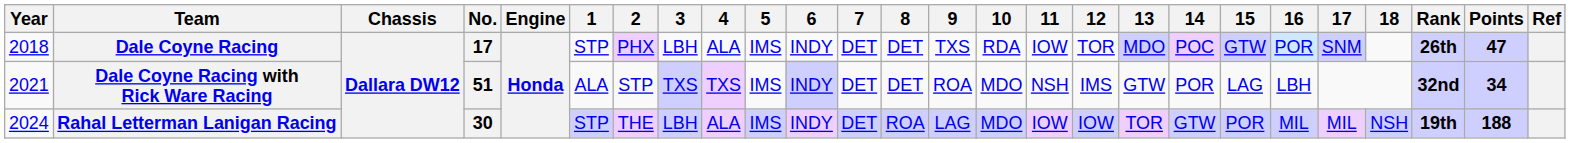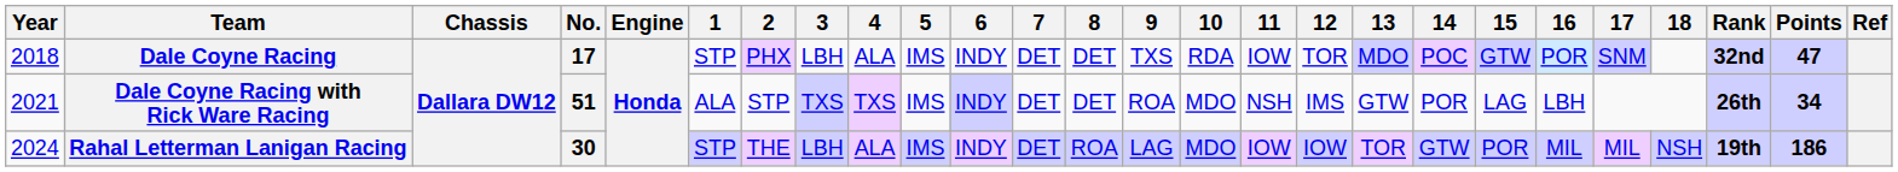 <table class="wikitable" style="text-align:center; font-size:85%">
 <tr>
 <th>Year</th>
 <th>Team</th>
 <th>Chassis</th>
 <th>No.</th>
 <th>Engine</th>
 <th>1</th>
 <th>2</th>
 <th>3</th>
 <th>4</th>
 <th>5</th>
 <th>6</th>
 <th>7</th>
 <th>8</th>
 <th>9</th>
 <th>10</th>
 <th>11</th>
 <th>12</th>
 <th>13</th>
 <th>14</th>
 <th>15</th>
 <th>16</th>
 <th>17</th>
 <th>18</th>
 <th>Rank</th>
 <th>Points</th>
 <th>Ref</th>
 </tr>
 <tr>
 <td><a href='#'>2018</a></td>
 <th nowrap><a href='#'>Dale Coyne Racing</a></th>
 <th rowspan="3" nowrap><a href='#'>Dallara DW12</a></th>
 <th>17</th>
 <th rowspan="3"><a href='#'>Honda</a></th>
 <td><a href='#'>STP</a></td>
 <td style="background:#EFCFFF;"><a href='#'>PHX</a><br></td>
 <td><a href='#'>LBH</a></td>
 <td><a href='#'>ALA</a></td>
 <td><a href='#'>IMS</a></td>
 <td><a href='#'>INDY</a></td>
 <td><a href='#'>DET</a></td>
 <td><a href='#'>DET</a></td>
 <td><a href='#'>TXS</a></td>
 <td><a href='#'>RDA</a></td>
 <td><a href='#'>IOW</a></td>
 <td><a href='#'>TOR</a></td>
 <td style="background:#CFCFFF;"><a href='#'>MDO</a><br></td>
 <td style="background:#EFCFFF;"><a href='#'>POC</a><br></td>
 <td style="background:#CFCFFF;"><a href='#'>GTW</a><br></td>
 <td style="background:#CFEAFF;"><a href='#'>POR</a><br></td>
 <td style="background:#CFCFFF;"><a href='#'>SNM</a><br></td>
 <td></td>
-<th style="background:#CFCFFF;">26th</th>
+<th style="background:#CFCFFF;">32nd</th>
 <th style="background:#CFCFFF;">47</th>
 <th></th>
 </tr>
 <tr>
 <td id=2021R><a href='#'>2021</a></td>
 <th nowrap><a href='#'>Dale Coyne Racing</a> with<br><a href='#'>Rick Ware Racing</a></th>
 <th>51</th>
 <td><a href='#'>ALA</a></td>
 <td><a href='#'>STP</a></td>
 <td style="background:#CFCFFF;"><a href='#'>TXS</a><br></td>
 <td style="background:#EFCFFF;"><a href='#'>TXS</a><br></td>
 <td><a href='#'>IMS</a></td>
 <td style="background:#CFCFFF;"><a href='#'>INDY</a><br></td>
 <td><a href='#'>DET</a></td>
 <td><a href='#'>DET</a></td>
 <td><a href='#'>ROA</a></td>
 <td><a href='#'>MDO</a></td>
 <td><a href='#'>NSH</a></td>
 <td><a href='#'>IMS</a></td>
 <td><a href='#'>GTW</a></td>
 <td><a href='#'>POR</a></td>
 <td><a href='#'>LAG</a></td>
 <td><a href='#'>LBH</a></td>
 <td colspan=2></td>
-<th style="background:#CFCFFF;">32nd</th>
+<th style="background:#CFCFFF;">26th</th>
 <th style="background:#CFCFFF;">34</th>
 <th></th>
 </tr>
 <tr>
 <td><a href='#'>2024</a></td>
 <th nowrap><a href='#'>Rahal Letterman Lanigan Racing</a></th>
 <th>30</th>
 <td style="background:#CFCFFF;"><a href='#'>STP</a><br></td>
 <td style="background:#EFCFFF;"><a href='#'>THE</a><br></td>
 <td style="background:#CFCFFF;"><a href='#'>LBH</a><br></td>
 <td style="background:#EFCFFF;"><a href='#'>ALA</a><br></td>
 <td style="background:#CFCFFF;"><a href='#'>IMS</a><br></td>
 <td style="background:#EFCFFF;"><a href='#'>INDY</a><br></td>
 <td style="background:#CFCFFF;"><a href='#'>DET</a><br></td>
 <td style="background:#CFCFFF;"><a href='#'>ROA</a><br></td>
 <td style="background:#CFCFFF;"><a href='#'>LAG</a><br></td>
 <td style="background:#CFCFFF;"><a href='#'>MDO</a><br></td>
 <td style="background:#EFCFFF;"><a href='#'>IOW</a><br></td>
 <td style="background:#CFCFFF;"><a href='#'>IOW</a><br></td>
 <td style="background:#EFCFFF;"><a href='#'>TOR</a><br></td>
 <td style="background:#CFCFFF;"><a href='#'>GTW</a><br></td>
 <td style="background:#CFCFFF;"><a href='#'>POR</a><br></td>
 <td style="background:#CFCFFF;"><a href='#'>MIL</a><br></td>
 <td style="background:#EFCFFF;"><a href='#'>MIL</a><br></td>
 <td style="background:#CFCFFF;"><a href='#'>NSH</a><br></td>
 <th style="background:#CFCFFF;">19th</th>
-<th style="background:#CFCFFF;">188</th>
+<th style="background:#CFCFFF;">186</th>
 <th></th>
 </tr>
 </table>
